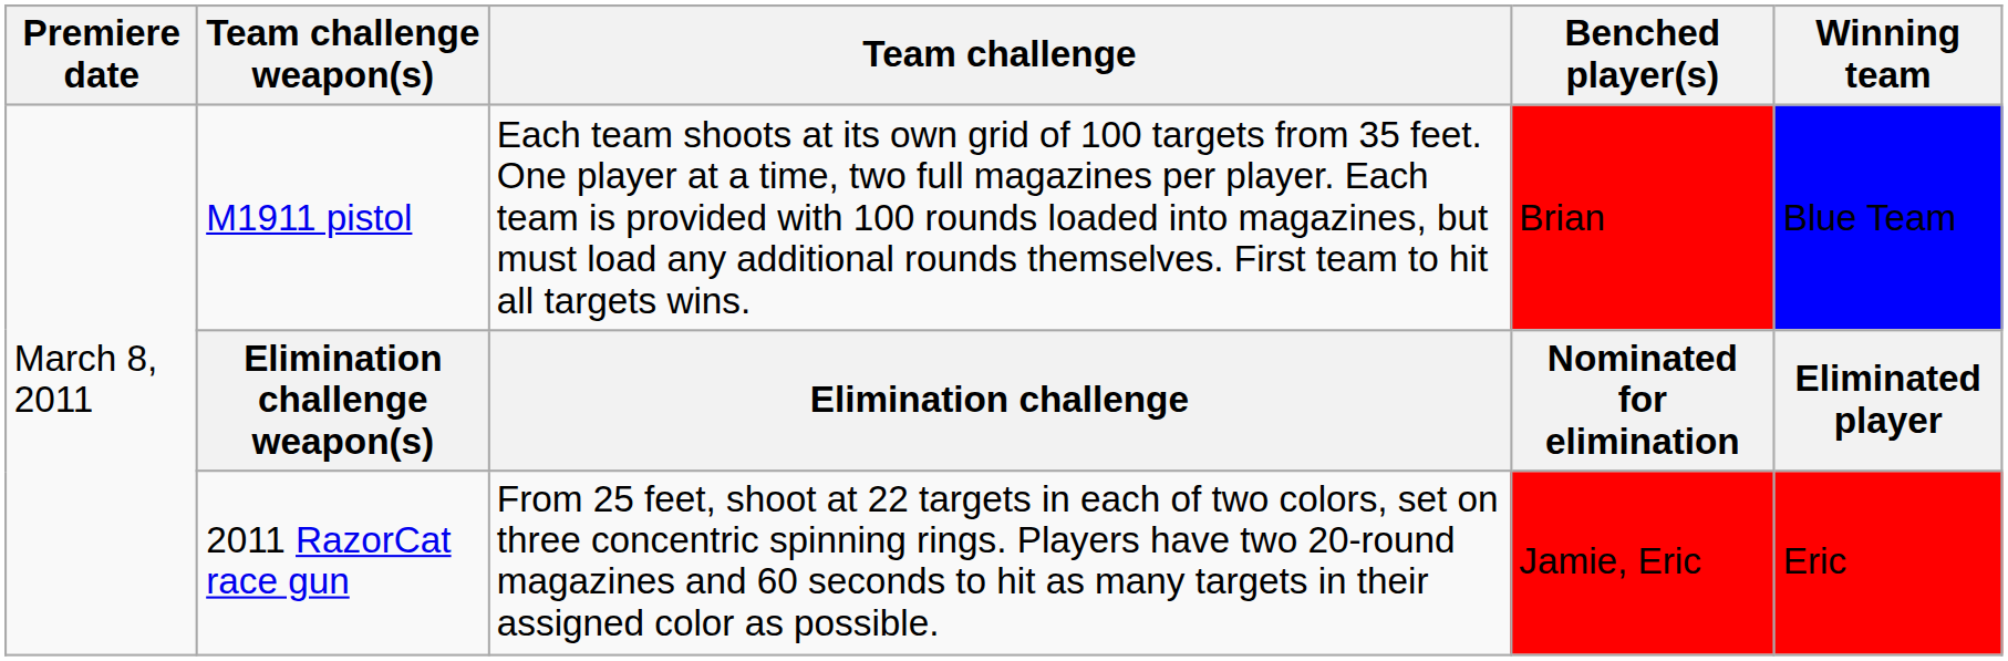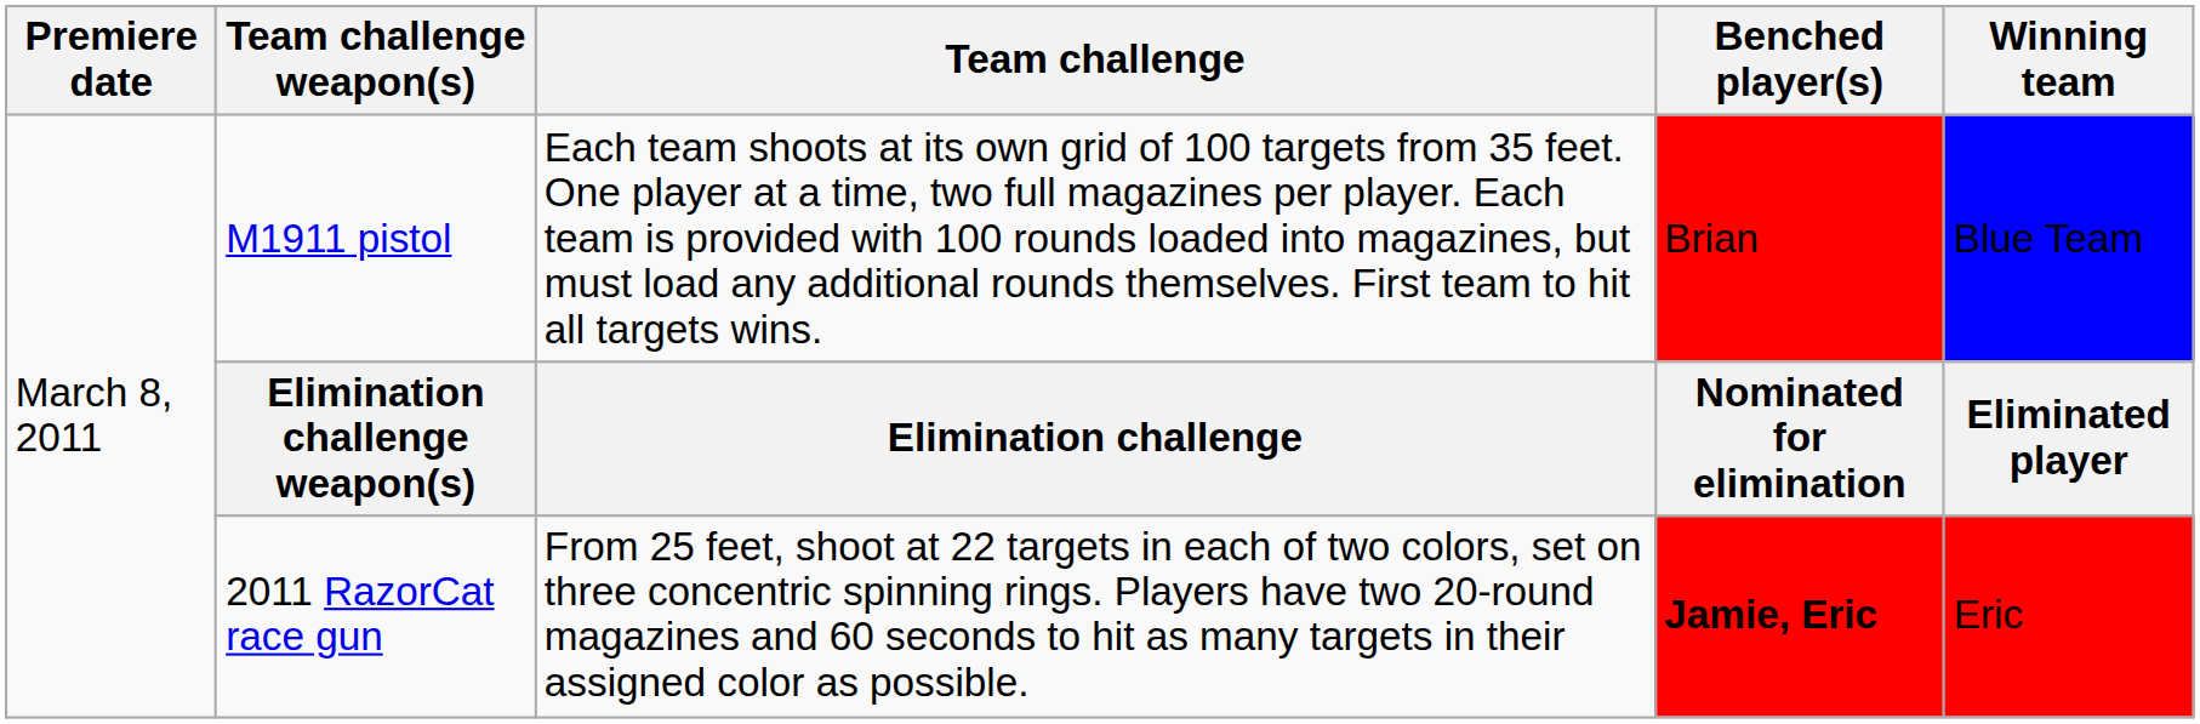 <table class="wikitable">
 <tr>
 <th>Premiere date</th>
 <th>Team challenge weapon(s)</th>
 <th>Team challenge</th>
 <th>Benched player(s)</th>
 <th>Winning team</th>
 </tr>
 <tr>
 <td rowspan="3">March 8, 2011</td>
 <td><a href='#'>M1911 pistol</a></td>
 <td>Each team shoots at its own grid of 100 targets from 35 feet. One player at a time, two full magazines per player. Each team is provided with 100 rounds loaded into magazines, but must load any additional rounds themselves. First team to hit all targets wins.</td>
 <td style="background:red;"><span>Brian</span></td>
 <td style="background:blue;"><span>Blue Team</span></td>
 </tr>
 <tr>
 <th>Elimination challenge weapon(s)</th>
 <th>Elimination challenge</th>
 <th>Nominated for elimination</th>
 <th>Eliminated player</th>
 </tr>
 <tr>
 <td>2011 <a href='#'>RazorCat</a> <a href='#'>race gun</a></td>
 <td>From 25 feet, shoot at 22 targets in each of two colors, set on three concentric spinning rings. Players have two 20-round magazines and 60 seconds to hit as many targets in their assigned color as possible.</td>
-<td style="background:red;"><span>Jamie, Eric</span></td>
+<td style="background:red;"><strong><span>Jamie, Eric</span></strong></td>
 <td style="background:red;"><span>Eric</span></td>
 </tr>
 </table>
